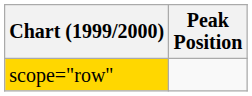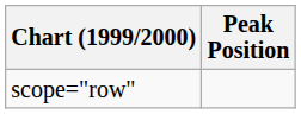 <table class="wikitable">
 <tr>
 <th align="left">Chart (1999/2000)</th>
 <th align="left">Peak<br>Position</th>
 </tr>
 <tr>
-<td style="background: gold;">scope="row"</td>
+<td>scope="row"</td>
 </tr>
 </table>
